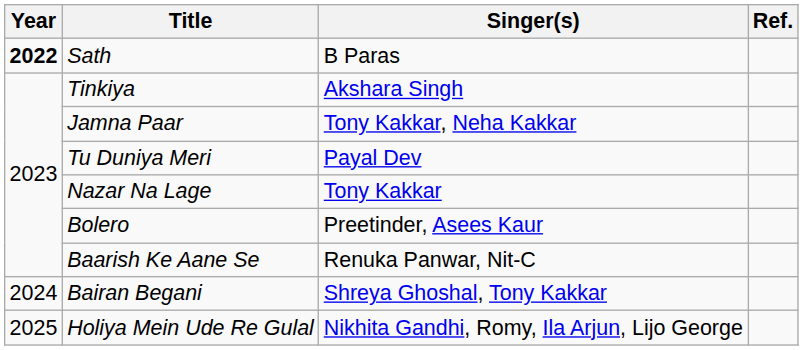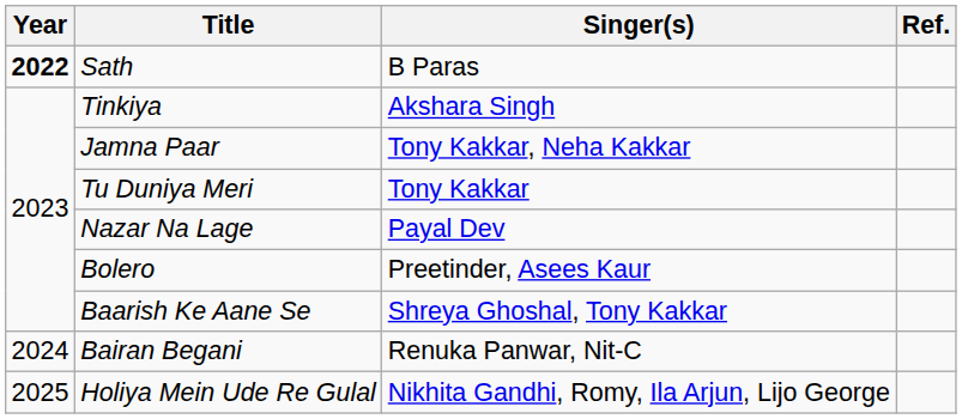 <table class="wikitable">
 <tr>
 <th>Year</th>
 <th>Title</th>
 <th>Singer(s)</th>
 <th>Ref.</th>
 </tr>
 <tr>
 <td><strong>2022</strong></td>
 <td><em>Sath</em></td>
 <td>B Paras</td>
 <td></td>
 </tr>
 <tr>
 <td rowspan="6">2023</td>
 <td><em>Tinkiya</em></td>
 <td><a href='#'>Akshara Singh</a></td>
 <td></td>
 </tr>
 <tr>
 <td><em>Jamna Paar</em></td>
 <td><a href='#'>Tony Kakkar</a>, <a href='#'>Neha Kakkar</a></td>
 <td></td>
 </tr>
 <tr>
 <td><em>Tu Duniya Meri</em></td>
-<td><a href='#'>Payal Dev</a></td>
+<td><a href='#'>Tony Kakkar</a></td>
 <td></td>
 </tr>
 <tr>
 <td><em>Nazar Na Lage</em></td>
-<td><a href='#'>Tony Kakkar</a></td>
+<td><a href='#'>Payal Dev</a></td>
 <td></td>
 </tr>
 <tr>
 <td><em>Bolero</em></td>
 <td>Preetinder, <a href='#'>Asees Kaur</a></td>
 <td></td>
 </tr>
 <tr>
 <td><em>Baarish Ke Aane Se</em></td>
-<td>Renuka Panwar, Nit-C</td>
+<td><a href='#'>Shreya Ghoshal</a>, <a href='#'>Tony Kakkar</a></td>
 <td></td>
 </tr>
 <tr>
 <td>2024</td>
 <td><em>Bairan Begani</em></td>
-<td><a href='#'>Shreya Ghoshal</a>, <a href='#'>Tony Kakkar</a></td>
+<td>Renuka Panwar, Nit-C</td>
 <td></td>
 </tr>
 <tr>
 <td>2025</td>
 <td><em>Holiya Mein Ude Re Gulal</em></td>
 <td><a href='#'>Nikhita Gandhi</a>, Romy, <a href='#'>Ila Arjun</a>, Lijo George</td>
 <td></td>
 </tr>
 </table>
